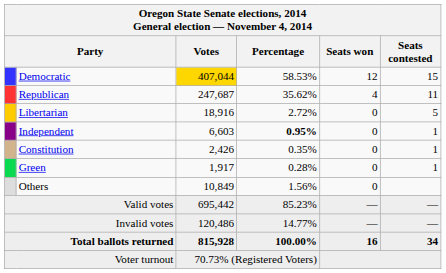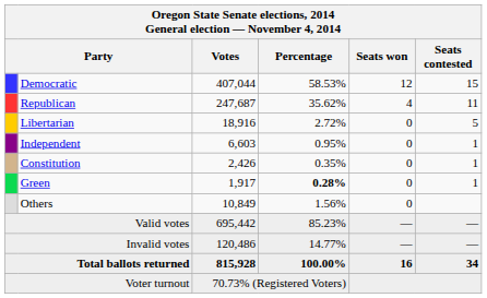 <table class="wikitable" style="font-size:95%;">
 <tr>
 <th colspan="6">Oregon State Senate elections, 2014<br>General election — November 4, 2014</th>
 </tr>
 <tr>
 <th colspan=2 style="width: 15em">Party</th>
 <th style="width: 5em">Votes</th>
 <th style="width: 7em">Percentage</th>
 <th style="width: 5em">Seats won</th>
 <th style="width: 5em">Seats contested</th>
 </tr>
 <tr>
 <th style="background-color:#33F; width: 3px"></th>
 <td style="width: 130px"><a href='#'>Democratic</a></td>
-<td align="right" style="background: gold;">407,044</td>
+<td align="right">407,044</td>
 <td align="right">58.53%</td>
 <td align="right">12</td>
 <td align="right">15</td>
 </tr>
 <tr>
 <th style="background-color:#F33; width: 3px"></th>
 <td style="width: 130px"><a href='#'>Republican</a></td>
 <td align="right">247,687</td>
 <td align="right">35.62%</td>
 <td align="right">4</td>
 <td align="right">11</td>
 </tr>
 <tr>
 <th style="background-color:#FC0; width: 3px"></th>
 <td style="width: 130px"><a href='#'>Libertarian</a></td>
 <td align="right">18,916</td>
 <td align="right">2.72%</td>
 <td align="right">0</td>
 <td align="right">5</td>
 </tr>
 <tr>
 <th style="background-color:#808; width: 3px"></th>
 <td style="width: 130px"><a href='#'>Independent</a></td>
 <td align="right">6,603</td>
-<td align="right"><strong>0.95%</strong></td>
+<td align="right">0.95%</td>
 <td align="right">0</td>
 <td align="right">1</td>
 </tr>
 <tr>
 <th style="background-color:#D2B48C; width: 3px"></th>
 <td style="width: 130px"><a href='#'>Constitution</a></td>
 <td align="right">2,426</td>
 <td align="right">0.35%</td>
 <td align="right">0</td>
 <td align="right">1</td>
 </tr>
 <tr>
 <th style="background-color:#0BDA51; width: 3px"></th>
 <td style="width: 130px"><a href='#'>Green</a></td>
 <td align="right">1,917</td>
-<td align="right">0.28%</td>
+<td align="right"><strong>0.28%</strong></td>
 <td align="right">0</td>
 <td align="right">1</td>
 </tr>
 <tr>
 <th style="background-color:#DDD; width: 3px"></th>
 <td style="width: 130px">Others</td>
 <td align="right">10,849</td>
 <td align="right">1.56%</td>
 <td align="right">0</td>
 <td align="right"></td>
 </tr>
 <tr bgcolor="#EEEEEE">
 <td colspan="2" align="right">Valid votes</td>
 <td align="right">695,442</td>
 <td align="right">85.23%</td>
 <td align="right">—</td>
 <td align="right">—</td>
 </tr>
 <tr bgcolor="#EEEEEE">
 <td colspan="2" align="right">Invalid votes</td>
 <td align="right">120,486</td>
 <td align="right">14.77%</td>
 <td align="right">—</td>
 <td align="right">—</td>
 </tr>
 <tr bgcolor="#EEEEEE">
 <td colspan="2" align="right"><strong>Total ballots returned</strong></td>
 <td align="right"><strong>815,928</strong></td>
 <td align="right"><strong>100.00%</strong></td>
 <td align="right"><strong>16</strong></td>
 <td align="right"><strong>34</strong></td>
 </tr>
 <tr bgcolor="#EEEEEE">
 <td colspan="2" align="right">Voter turnout</td>
 <td colspan="2" align="right">70.73% (Registered Voters)</td>
 <td colspan="2" align="right"></td>
 </tr>
 </table>
